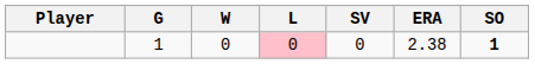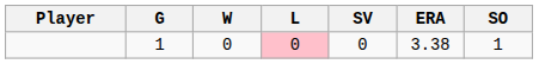 <table class="wikitable sortable">
 <tr>
 <th bgcolor="#DDDDFF" width="16%">Player</th>
 <th bgcolor="#DDDDFF" width="9%">G</th>
 <th bgcolor="#DDDDFF" width="9%">W</th>
 <th bgcolor="#DDDDFF" width="9%">L</th>
 <th bgcolor="#DDDDFF" width="9%">SV</th>
 <th bgcolor="#DDDDFF" width="9%">ERA</th>
 <th bgcolor="#DDDDFF" width="9%">SO</th>
 </tr>
 <tr align="center">
 <td></td>
 <td>1</td>
 <td>0</td>
 <td style="background: pink;">0</td>
 <td>0</td>
-<td>2.38</td>
-<td><strong>1</strong></td>
+<td>3.38</td>
+<td>1</td>
 </tr>
 </table>
